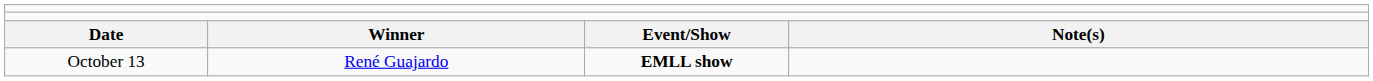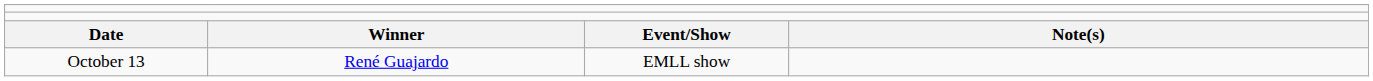 <table class="wikitable" style="text-align:center; width:100%;">
 <tr>
 <td colspan=5></td>
 </tr>
 <tr>
 <td colspan=5><strong></strong></td>
 </tr>
 <tr>
 <th width=14%>Date</th>
 <th width=26%>Winner</th>
 <th width=14%>Event/Show</th>
 <th width=40%>Note(s)</th>
 </tr>
 <tr>
 <td>October 13</td>
 <td><a href='#'>René Guajardo</a></td>
-<td><strong>EMLL show</strong></td>
+<td>EMLL show</td>
 <td align=left></td>
 </tr>
 </table>
